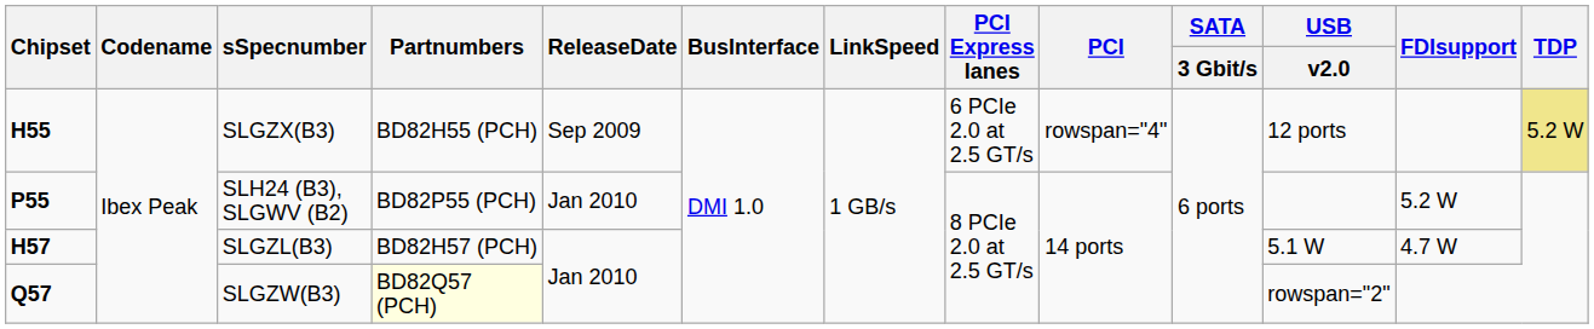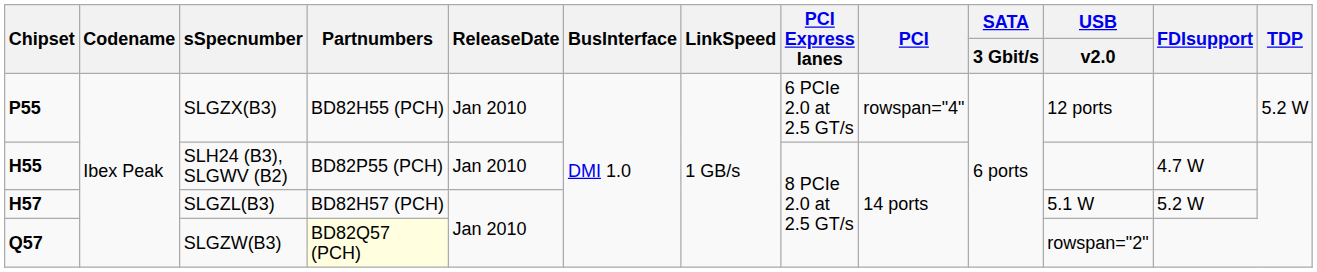 <table class="wikitable" style="font-size: 90%;">
 <tr>
 <th rowspan="2">Chipset</th>
 <th rowspan="2">Codename</th>
 <th rowspan="2">sSpecnumber</th>
 <th rowspan="2">Partnumbers</th>
 <th rowspan="2">ReleaseDate</th>
 <th rowspan="2">BusInterface</th>
 <th rowspan="2">LinkSpeed</th>
 <th rowspan="2"><a href='#'>PCI Express</a> lanes</th>
 <th rowspan="2"><a href='#'>PCI</a></th>
 <th><a href='#'>SATA</a></th>
 <th><a href='#'>USB</a></th>
 <th rowspan="2"><a href='#'>FDI</a><a href='#'>support</a></th>
 <th rowspan="2"><a href='#'>TDP</a></th>
 </tr>
 <tr>
 <th>3 Gbit/s</th>
 <th>v2.0</th>
 </tr>
 <tr>
-<td><strong>H55</strong></td>
+<td><strong>P55</strong></td>
 <td rowspan="4">Ibex Peak</td>
 <td>SLGZX(B3)</td>
 <td>BD82H55 (PCH)</td>
-<td>Sep 2009</td>
+<td>Jan 2010</td>
 <td rowspan="4"><a href='#'>DMI</a> 1.0</td>
 <td rowspan="4">1 GB/s</td>
 <td>6 PCIe 2.0 at 2.5 GT/s</td>
 <td>rowspan="4" </td>
 <td rowspan="4">6 ports</td>
 <td>12 ports</td>
 <td></td>
-<td style="background: khaki;">5.2 W</td>
+<td>5.2 W</td>
 </tr>
 <tr>
-<td><strong>P55</strong></td>
+<td><strong>H55</strong></td>
 <td>SLH24 (B3),<br>SLGWV (B2)</td>
 <td>BD82P55 (PCH)</td>
 <td>Jan 2010</td>
 <td rowspan="3">8 PCIe 2.0 at 2.5 GT/s</td>
 <td rowspan="3">14 ports</td>
 <td></td>
-<td>5.2 W</td>
+<td>4.7 W</td>
 </tr>
 <tr>
 <td><strong>H57</strong></td>
 <td>SLGZL(B3)</td>
 <td>BD82H57 (PCH)</td>
 <td rowspan="2">Jan 2010</td>
 <td>5.1 W</td>
-<td>4.7 W</td>
+<td>5.2 W</td>
 </tr>
 <tr>
 <td><strong>Q57</strong></td>
 <td>SLGZW(B3)</td>
 <td style="background: lightyellow;">BD82Q57 (PCH)</td>
 <td>rowspan="2" </td>
 </tr>
 </table>
